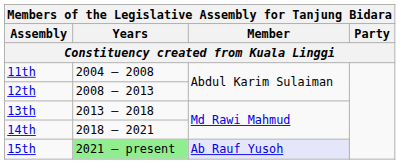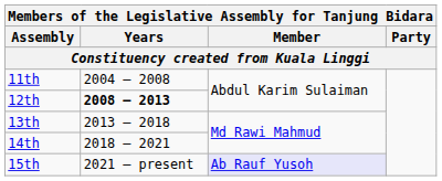 <table class=wikitable>
 <tr>
 <th colspan=4>Members of the Legislative Assembly for Tanjung Bidara</th>
 </tr>
 <tr>
 <th>Assembly</th>
 <th>Years</th>
 <th>Member</th>
 <th>Party</th>
 </tr>
 <tr>
 <th colspan=4 align=center><em>Constituency created from Kuala Linggi</em></th>
 </tr>
 <tr>
 <td><a href='#'>11th</a></td>
 <td>2004 – 2008</td>
 <td rowspan="2">Abdul Karim Sulaiman</td>
 <td rowspan="5"></td>
 </tr>
 <tr>
 <td><a href='#'>12th</a></td>
-<td>2008 – 2013</td>
+<td><strong>2008 – 2013</strong></td>
 </tr>
 <tr>
 <td><a href='#'>13th</a></td>
 <td>2013 – 2018</td>
 <td rowspan="2"><a href='#'>Md Rawi Mahmud</a></td>
 </tr>
 <tr>
 <td><a href='#'>14th</a></td>
 <td>2018 – 2021</td>
 </tr>
 <tr>
 <td><a href='#'>15th</a></td>
-<td style="background: lightgreen;">2021 – present</td>
+<td>2021 – present</td>
 <td style="background: lavender;"><a href='#'>Ab Rauf Yusoh</a></td>
 </tr>
 </table>
